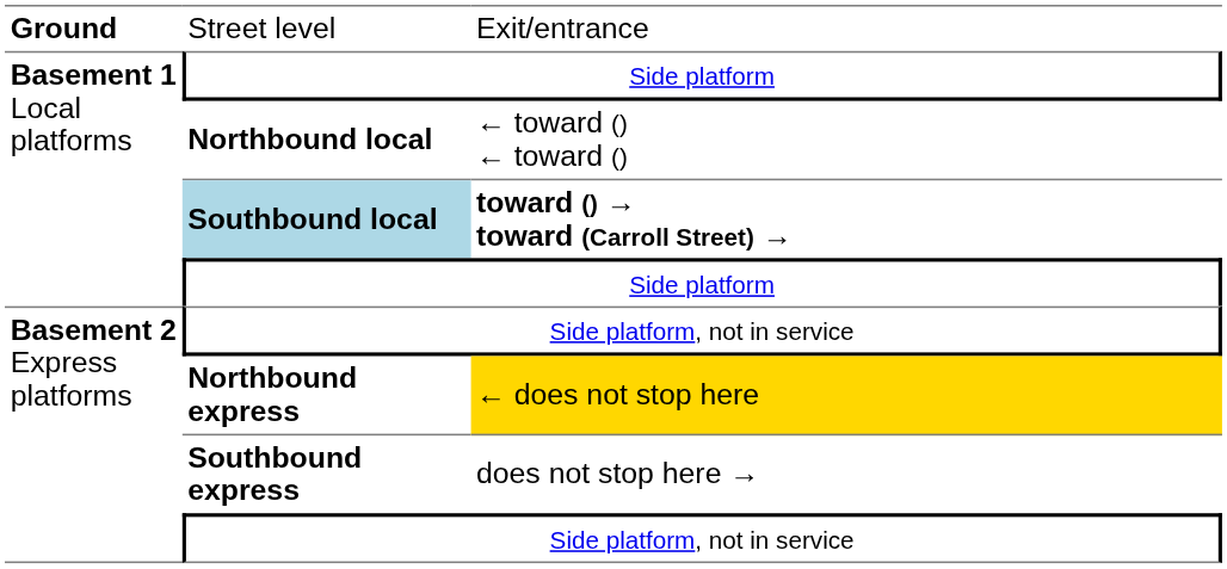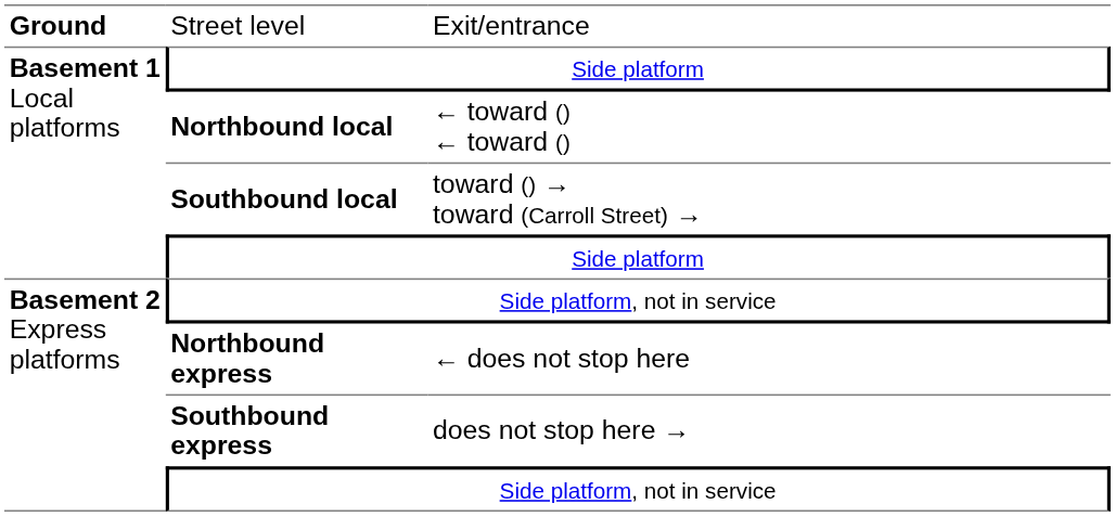 <table table border=0 cellspacing=0 cellpadding=3>
 <tr>
 <td style="border-top:solid 1px gray;" width=50><strong>Ground</strong></td>
 <td style="border-top:solid 1px gray;" width=150>Street level</td>
 <td style="border-top:solid 1px gray;" width=400>Exit/entrance</td>
 </tr>
 <tr>
 <td style="border-top:solid 1px gray;" width=50 rowspan=4 valign=top><strong>Basement 1</strong><br>Local platforms</td>
 <td style="border-top:solid 1px gray;border-right:solid 2px black;border-left:solid 2px black;border-bottom:solid 2px black;text-align:center;" colspan=2><small><a href='#'>Side platform</a></small></td>
 </tr>
 <tr>
 <td style="border-bottom:solid 1px gray;"><strong>Northbound local</strong></td>
 <td style="border-bottom:solid 1px gray;">←  toward  <small>()</small><br>←  toward  <small>()</small></td>
 </tr>
 <tr>
-<td style="background: lightblue;"><strong>Southbound local</strong></td>
-<td><strong>  toward  <small>()</small> →<br>  toward  <small>(Carroll Street)</small> →</strong></td>
+<td><strong>Southbound local</strong></td>
+<td>  toward  <small>()</small> →<br>  toward  <small>(Carroll Street)</small> →</td>
 </tr>
 <tr>
 <td style="border-top:solid 2px black;border-right:solid 2px black;border-left:solid 2px black;text-align:center;" colspan=2><small><a href='#'>Side platform</a></small></td>
 </tr>
 <tr>
 <td style="border-top:solid 1px gray;border-bottom:solid 1px gray;" width=50 rowspan=4 valign=top><strong>Basement 2</strong><br>Express platforms</td>
 <td style="border-top:solid 1px gray;border-right:solid 2px black;border-left:solid 2px black;border-bottom:solid 2px black;text-align:center;" colspan=2><small><a href='#'>Side platform</a>, not in service</small></td>
 </tr>
 <tr>
 <td style="border-bottom:solid 1px gray;"><span><strong>Northbound express</strong></span></td>
-<td style="background: gold; border-bottom:solid 1px gray;">←  does not stop here</td>
+<td style="border-bottom:solid 1px gray;">←  does not stop here</td>
 </tr>
 <tr>
 <td><span><strong>Southbound express</strong></span></td>
 <td>  does not stop here →</td>
 </tr>
 <tr>
 <td style="border-bottom:solid 1px gray;border-top:solid 2px black;border-right:solid 2px black;border-left:solid 2px black;text-align:center;" colspan=2><small><a href='#'>Side platform</a>, not in service</small></td>
 </tr>
 </table>
